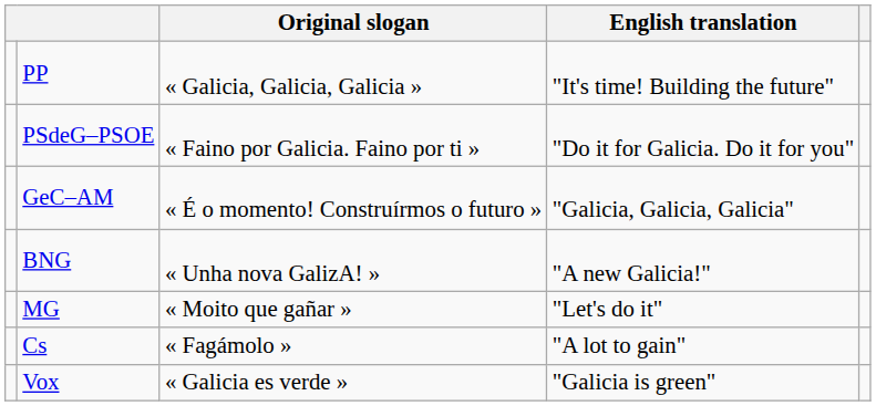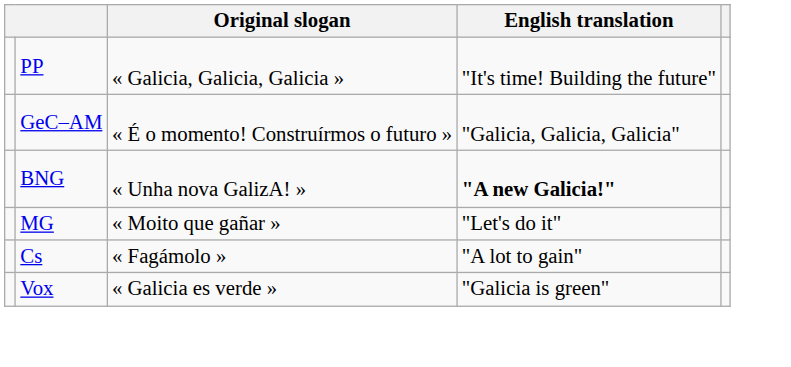 <table class="wikitable" style="text-align:left;">
 <tr>
 <th style="text-align:left;" colspan="2"></th>
 <th>Original slogan</th>
 <th>English translation</th>
 <th></th>
 </tr>
 <tr>
 <td width="1" style="color:inherit;background:"></td>
 <td><a href='#'>PP</a></td>
 <td><br>« Galicia, Galicia, Galicia »</td>
 <td><br>"It's time! Building the future"</td>
 <td><br></td>
 </tr>
 <tr>
 <td style="color:inherit;background:"></td>
-<td><a href='#'>PSdeG–PSOE</a></td>
-<td><br>« Faino por Galicia. Faino por ti »</td>
-<td><br>"Do it for Galicia. Do it for you"</td>
-<td><br></td>
-</tr>
-<tr>
-<td style="color:inherit;background:"></td>
 <td><a href='#'>GeC–AM</a></td>
 <td><br>« É o momento! Construírmos o futuro »</td>
 <td><br>"Galicia, Galicia, Galicia"</td>
 <td><br></td>
 </tr>
 <tr>
 <td style="color:inherit;background:"></td>
 <td><a href='#'>BNG</a></td>
 <td><br>« Unha nova GalizA! »</td>
-<td><br>"A new Galicia!"</td>
+<td><strong><br>"A new Galicia!"</strong></td>
 <td><br></td>
 </tr>
 <tr>
 <td style="color:inherit;background:"></td>
 <td><a href='#'>MG</a></td>
 <td>« Moito que gañar »</td>
 <td>"Let's do it"</td>
 <td></td>
 </tr>
 <tr>
 <td style="color:inherit;background:"></td>
 <td><a href='#'>Cs</a></td>
 <td>« Fagámolo »</td>
 <td>"A lot to gain"</td>
 <td></td>
 </tr>
 <tr>
 <td style="color:inherit;background:"></td>
 <td><a href='#'>Vox</a></td>
 <td>« Galicia es verde »</td>
 <td>"Galicia is green"</td>
 <td></td>
 </tr>
 </table>
